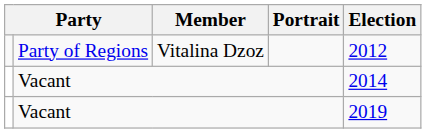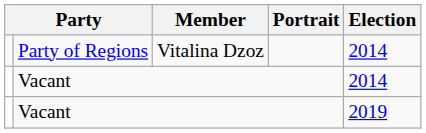 <table class="wikitable">
 <tr>
 <th colspan="2">Party</th>
 <th>Member</th>
 <th>Portrait</th>
 <th>Election</th>
 </tr>
 <tr>
 <td style="background-color: "></td>
 <td><a href='#'>Party of Regions</a></td>
 <td>Vitalina Dzoz</td>
 <td></td>
-<td><a href='#'>2012</a></td>
+<td><a href='#'>2014</a></td>
 </tr>
 <tr>
 <td style="background-color: white"></td>
 <td colspan=3>Vacant</td>
 <td><a href='#'>2014</a></td>
 </tr>
 <tr>
 <td style="background-color: white"></td>
 <td colspan=3>Vacant</td>
 <td><a href='#'>2019</a></td>
 </tr>
 </table>
